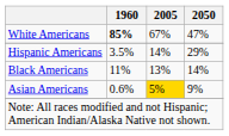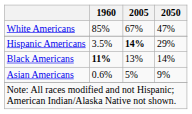 <table class="wikitable" style="float:right; margin:1em auto 1em auto; width:300px;">
 <tr>
 <th></th>
 <th>1960</th>
 <th>2005</th>
 <th>2050</th>
 </tr>
 <tr>
 <td><a href='#'>White Americans</a></td>
-<td><strong>85%</strong></td>
+<td>85%</td>
 <td>67%</td>
 <td>47%</td>
 </tr>
 <tr>
 </tr>
 <tr>
 <td><a href='#'>Hispanic Americans</a></td>
 <td>3.5%</td>
-<td>14%</td>
+<td><strong>14%</strong></td>
 <td>29%</td>
 </tr>
 <tr>
 <td><a href='#'>Black Americans</a></td>
-<td>11%</td>
+<td><strong>11%</strong></td>
 <td>13%</td>
 <td>14%</td>
 </tr>
 <tr>
 <td><a href='#'>Asian Americans</a></td>
 <td>0.6%</td>
-<td style="background: gold;">5%</td>
+<td>5%</td>
 <td>9%</td>
 </tr>
 <tr>
 </tr>
 <tr class="sortbottom">
 <td colspan="4">Note: All races modified and not Hispanic; American Indian/Alaska Native not shown.</td>
 </tr>
 </table>
